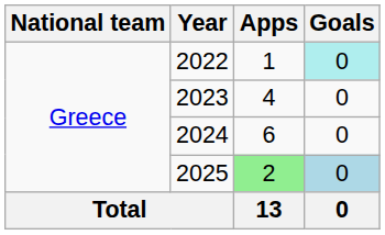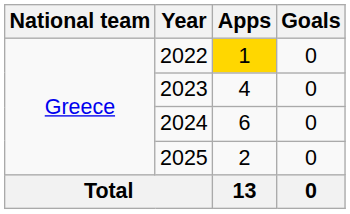 <table class="wikitable" style="text-align:center">
 <tr>
 <th>National team</th>
 <th>Year</th>
 <th>Apps</th>
 <th>Goals</th>
 </tr>
 <tr>
 <td rowspan="4"><a href='#'>Greece</a></td>
 <td>2022</td>
-<td>1</td>
-<td style="background: paleturquoise;">0</td>
+<td style="background: gold;">1</td>
+<td>0</td>
 </tr>
 <tr>
 <td>2023</td>
 <td>4</td>
 <td>0</td>
 </tr>
 <tr>
 <td>2024</td>
 <td>6</td>
 <td>0</td>
 </tr>
 <tr>
 <td>2025</td>
-<td style="background: lightgreen;">2</td>
-<td style="background: lightblue;">0</td>
+<td>2</td>
+<td>0</td>
 </tr>
 <tr>
 <th colspan="2">Total</th>
 <th>13</th>
 <th>0</th>
 </tr>
 </table>
